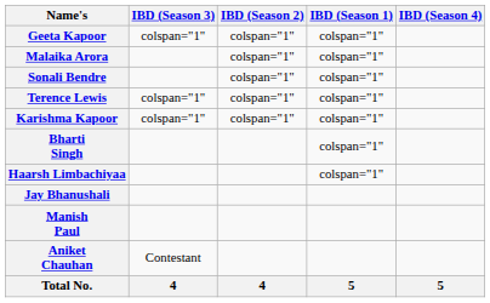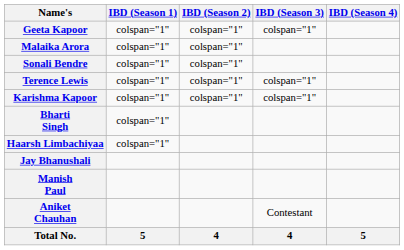 <table class="wikitable plainrowheaders" style="text-align:center">
 <tr>
 <th>Name's</th>
+<th><a href='#'>IBD (Season 1)</a></th>
+<th><a href='#'>IBD (Season 2)</a></th>
 <th><a href='#'>IBD (Season 3)</a></th>
-<th><a href='#'>IBD (Season 2)</a></th>
-<th><a href='#'>IBD (Season 1)</a></th>
 <th><a href='#'>IBD (Season 4)</a></th>
 </tr>
 <tr>
 <th><strong><a href='#'>Geeta Kapoor</a></strong></th>
-<td>colspan="1"</td>
 <td>colspan="1" </td>
 <td>colspan="1" </td>
+<td>colspan="1"</td>
 <td></td>
 </tr>
 <tr>
 <th><strong><a href='#'>Malaika Arora</a></strong></th>
-<td></td>
 <td>colspan="1" </td>
 <td>colspan="1" </td>
+<td></td>
 <td></td>
 </tr>
 <tr>
 <th><strong><a href='#'>Sonali Bendre</a></strong></th>
-<td></td>
 <td>colspan="1" </td>
 <td>colspan="1" </td>
+<td></td>
 <td></td>
 </tr>
 <tr>
 <th><strong><a href='#'>Terence Lewis</a></strong></th>
-<td>colspan="1"</td>
 <td>colspan="1" </td>
 <td>colspan="1" </td>
+<td>colspan="1"</td>
 <td></td>
 </tr>
 <tr>
 <th><strong><a href='#'>Karishma Kapoor</a></strong></th>
 <td>colspan="1" </td>
 <td>colspan="1" </td>
 <td>colspan="1" </td>
 <td></td>
 </tr>
 <tr>
 <th><strong><a href='#'>Bharti <br>Singh</a></strong></th>
+<td>colspan="1" </td>
 <td></td>
 <td></td>
-<td>colspan="1" </td>
 <td></td>
 </tr>
 <tr>
 <th><strong><a href='#'>Haarsh Limbachiyaa</a></strong></th>
+<td>colspan="1" </td>
 <td></td>
 <td></td>
-<td>colspan="1" </td>
 <td></td>
 </tr>
 <tr>
 <th><strong><a href='#'>Jay Bhanushali</a></strong></th>
 <td></td>
 <td></td>
 <td></td>
 <td></td>
 </tr>
 <tr>
 <th><strong><a href='#'>Manish<br>Paul</a></strong></th>
 <td></td>
 <td></td>
 <td></td>
 <td></td>
 </tr>
 <tr>
 <th><strong><a href='#'>Aniket<br>Chauhan</a></strong></th>
-<td>Contestant</td>
 <td></td>
 <td></td>
+<td>Contestant</td>
 <td></td>
 </tr>
 <tr>
 <th>Total No.</th>
+<th colspan="1">5</th>
 <th colspan="1">4</th>
 <th colspan="1">4</th>
-<th colspan="1">5</th>
 <th>5</th>
 </tr>
 </table>
